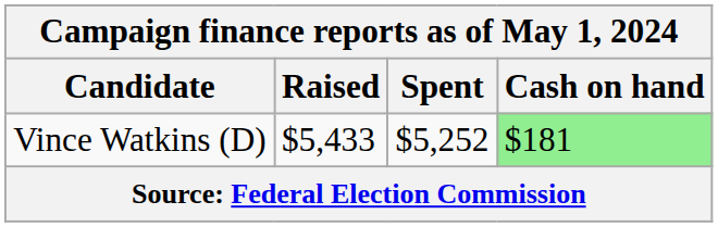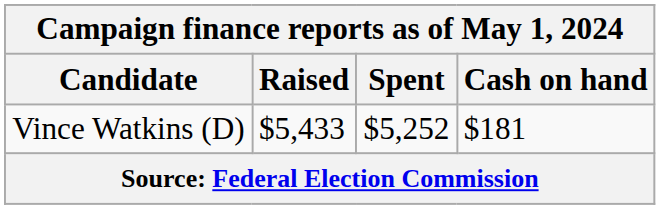 <table class="wikitable sortable">
 <tr>
 <th colspan=4>Campaign finance reports as of May 1, 2024</th>
 </tr>
 <tr style="text-align:center;">
 <th>Candidate</th>
 <th>Raised</th>
 <th>Spent</th>
 <th>Cash on hand</th>
 </tr>
 <tr>
 <td>Vince Watkins (D)</td>
 <td>$5,433</td>
 <td>$5,252</td>
-<td style="background: lightgreen;">$181</td>
+<td>$181</td>
 </tr>
 <tr>
 <th colspan="4"><small>Source: <a href='#'>Federal Election Commission</a></small></th>
 </tr>
 </table>
